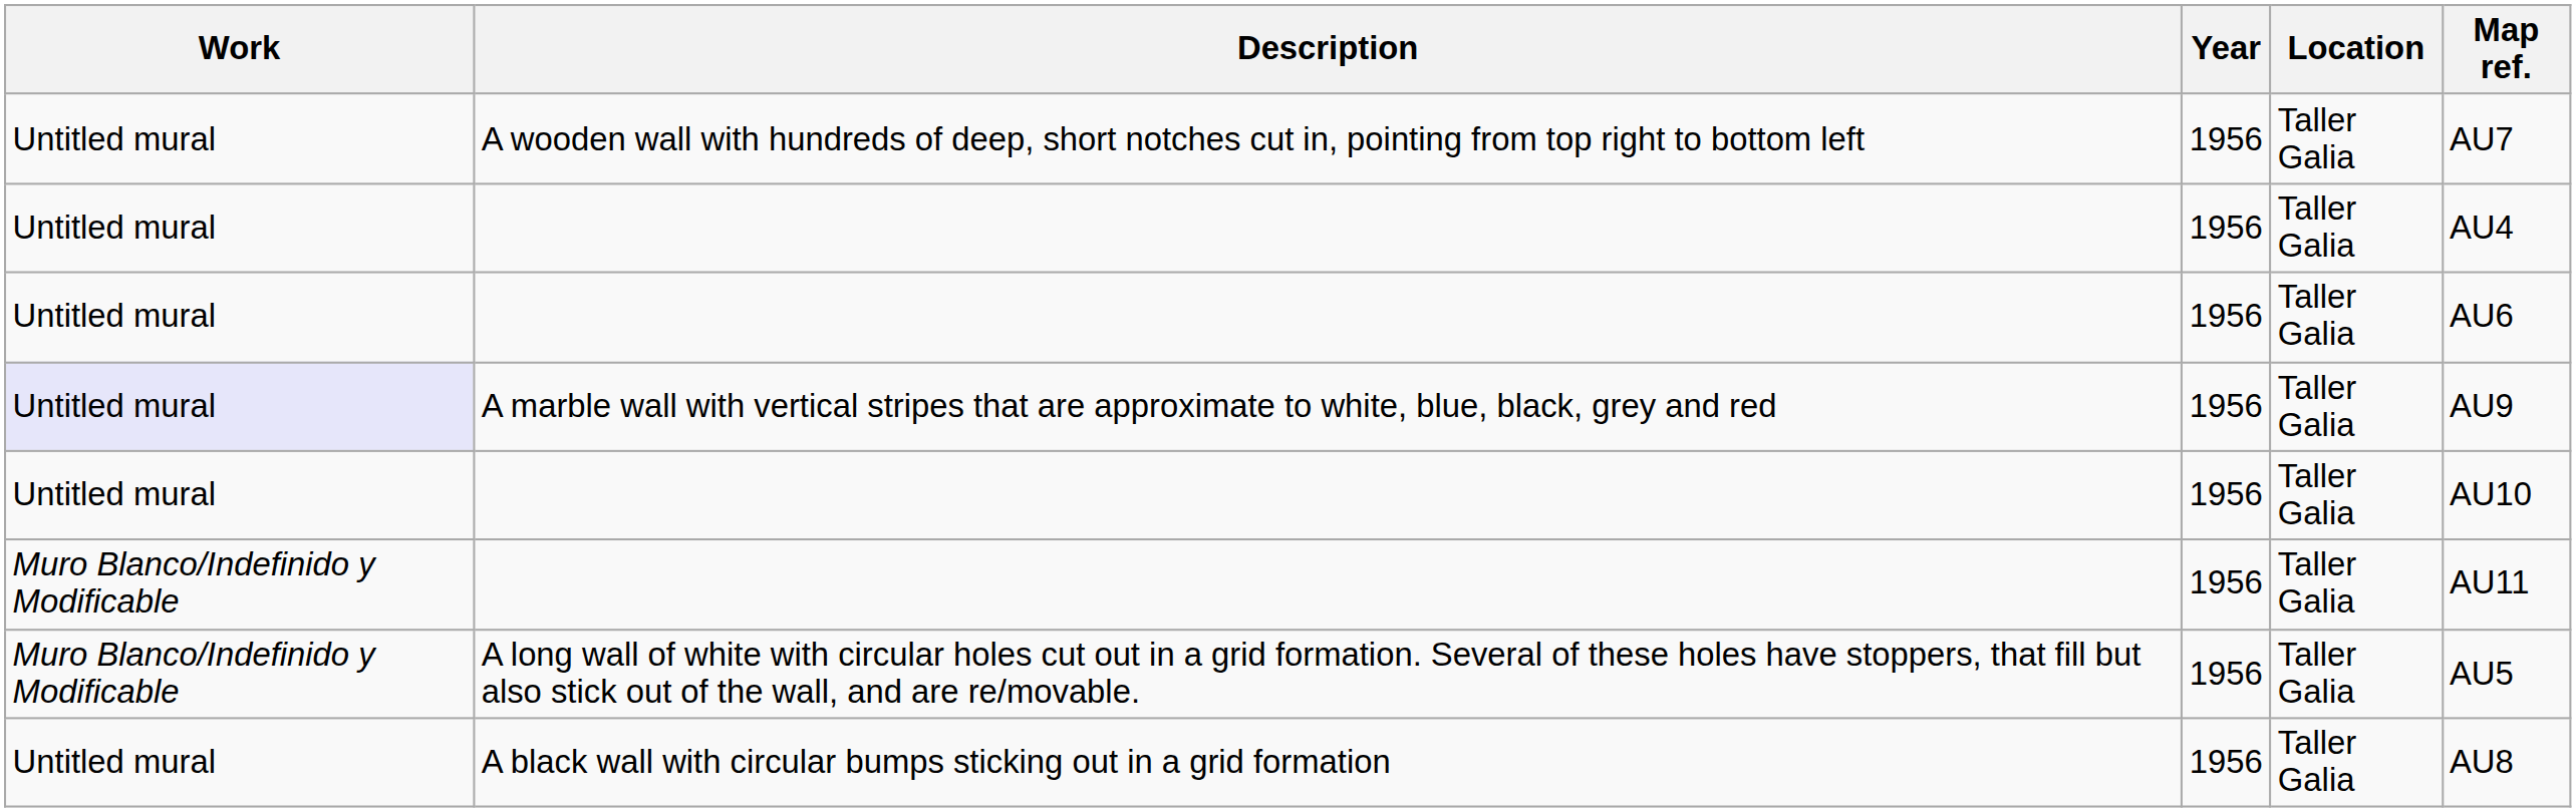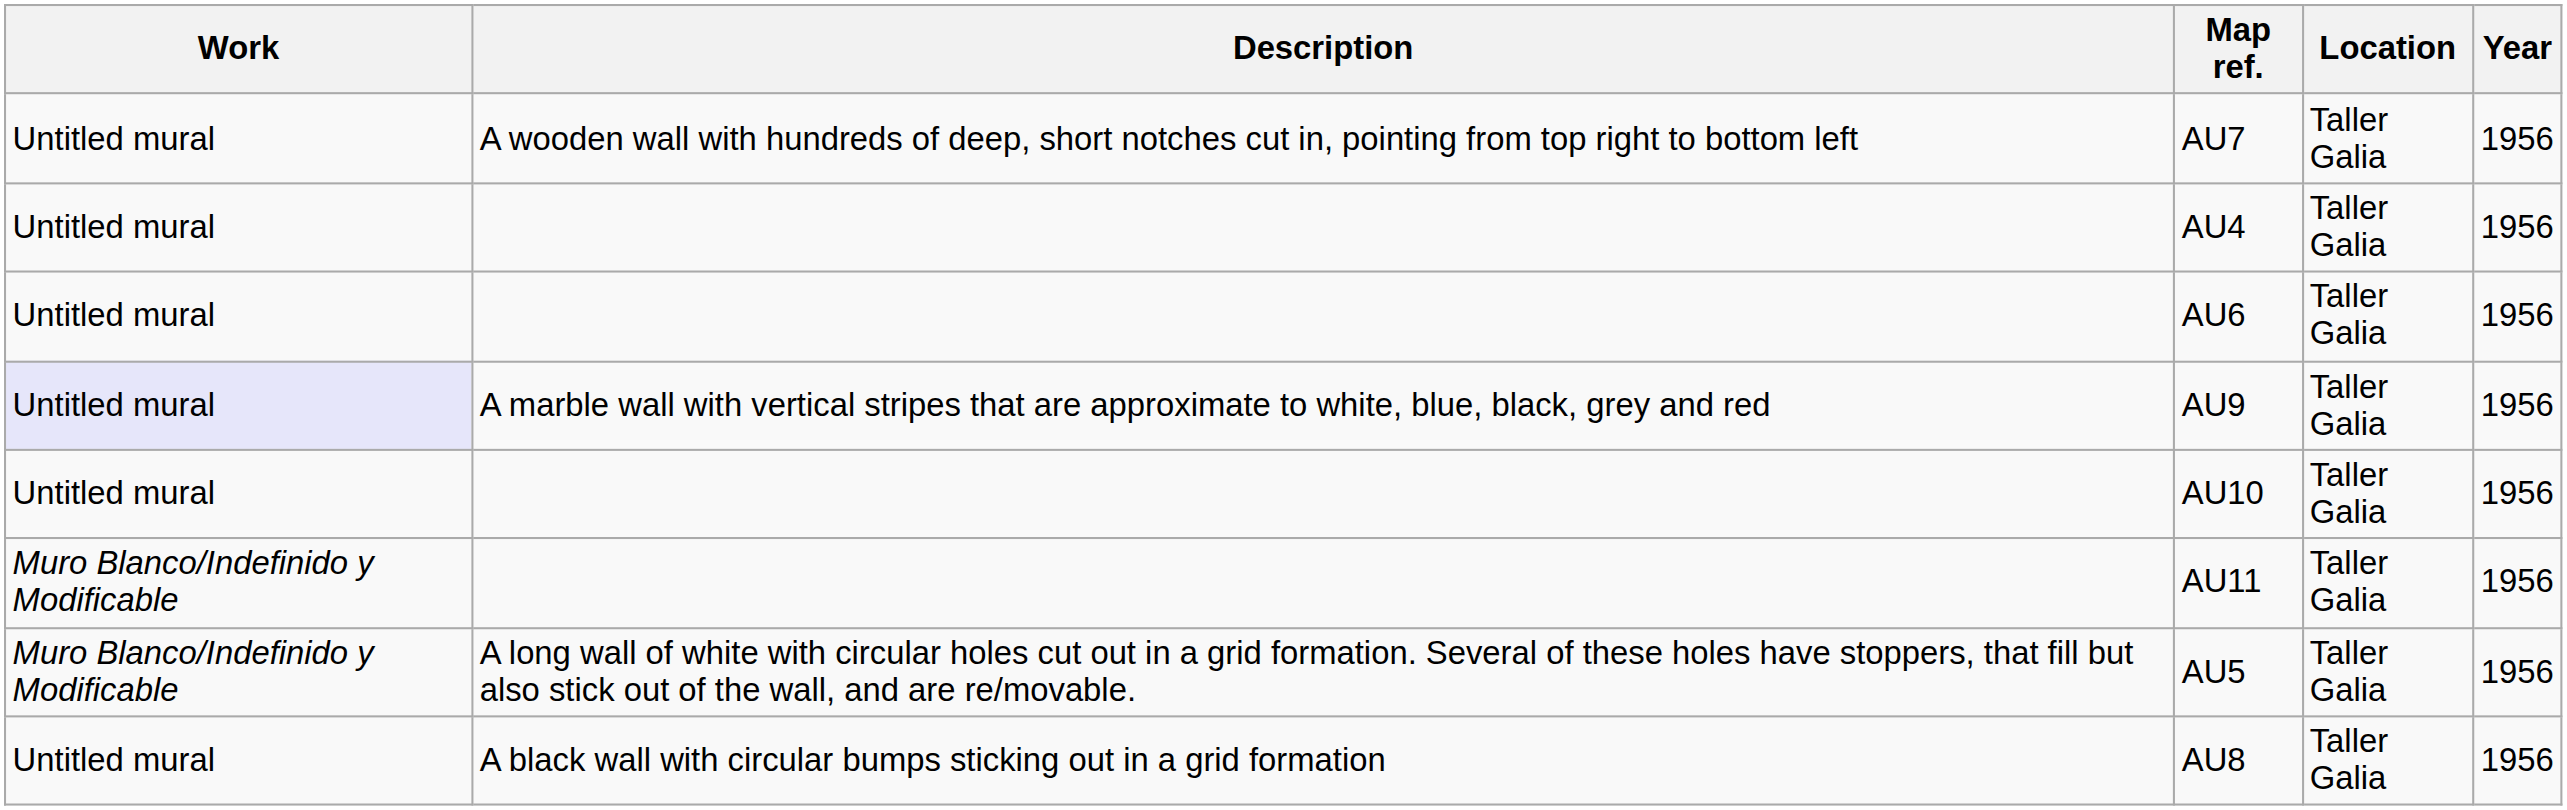 <table class="wikitable mw-collapsible">
 <tr>
 <th>Work</th>
 <th>Description</th>
+<th>Map ref.</th>
+<th>Location</th>
 <th>Year</th>
-<th>Location</th>
-<th>Map ref.</th>
 </tr>
 <tr>
 <td>Untitled mural</td>
 <td>A wooden wall with hundreds of deep, short notches cut in, pointing from top right to bottom left</td>
+<td>AU7</td>
+<td>Taller Galia</td>
 <td>1956</td>
-<td>Taller Galia</td>
-<td>AU7</td>
 </tr>
 <tr>
 <td>Untitled mural</td>
 <td></td>
+<td>AU4</td>
+<td>Taller Galia</td>
 <td>1956</td>
-<td>Taller Galia</td>
-<td>AU4</td>
 </tr>
 <tr>
 <td>Untitled mural</td>
 <td></td>
+<td>AU6</td>
+<td>Taller Galia</td>
 <td>1956</td>
-<td>Taller Galia</td>
-<td>AU6</td>
 </tr>
 <tr>
 <td style="background: lavender;">Untitled mural</td>
 <td>A marble wall with vertical stripes that are approximate to white, blue, black, grey and red</td>
+<td>AU9</td>
+<td>Taller Galia</td>
 <td>1956</td>
-<td>Taller Galia</td>
-<td>AU9</td>
 </tr>
 <tr>
 <td>Untitled mural</td>
 <td></td>
+<td>AU10</td>
+<td>Taller Galia</td>
 <td>1956</td>
-<td>Taller Galia</td>
-<td>AU10</td>
 </tr>
 <tr>
 <td><em>Muro Blanco/Indefinido y Modificable</em></td>
 <td></td>
+<td>AU11</td>
+<td>Taller Galia</td>
 <td>1956</td>
-<td>Taller Galia</td>
-<td>AU11</td>
 </tr>
 <tr>
 <td><em>Muro Blanco/Indefinido y Modificable</em></td>
 <td>A long wall of white with circular holes cut out in a grid formation. Several of these holes have stoppers, that fill but also stick out of the wall, and are re/movable.</td>
+<td>AU5</td>
+<td>Taller Galia</td>
 <td>1956</td>
-<td>Taller Galia</td>
-<td>AU5</td>
 </tr>
 <tr>
 <td>Untitled mural</td>
 <td>A black wall with circular bumps sticking out in a grid formation</td>
+<td>AU8</td>
+<td>Taller Galia</td>
 <td>1956</td>
-<td>Taller Galia</td>
-<td>AU8</td>
 </tr>
 </table>
